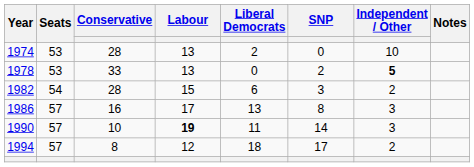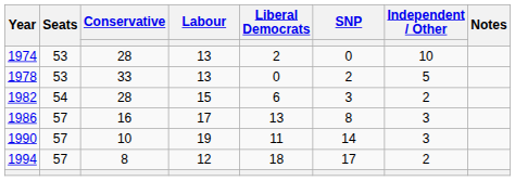 <table class="wikitable" style=text-align:center>
 <tr>
 <th rowspan=2><strong>Year</strong></th>
 <th rowspan=2><strong>Seats</strong></th>
 <th width="80"><strong><a href='#'>Conservative</a></strong></th>
 <th width="80"><strong><a href='#'>Labour</a></strong></th>
 <th width="80"><strong><a href='#'>Liberal Democrats</a></strong></th>
 <th width="80"><strong><a href='#'>SNP</a></strong></th>
 <th width="80"><a href='#'><strong>Independent / Other</strong></a></th>
 <th rowspan=2><strong>Notes</strong></th>
 </tr>
 <tr>
 <th style="background-color: "></th>
 <th style="background-color: "></th>
 <th style="background-color: "></th>
 <th style="background-color: "></th>
 <th style="background-color: "></th>
 </tr>
 <tr>
 <td><a href='#'>1974</a></td>
 <td>53</td>
 <td>28</td>
 <td>13</td>
 <td>2</td>
 <td>0</td>
 <td>10</td>
 <td align=left></td>
 </tr>
 <tr>
 <td><a href='#'>1978</a></td>
 <td>53</td>
 <td>33</td>
 <td>13</td>
 <td>0</td>
 <td>2</td>
-<td><strong>5</strong></td>
+<td>5</td>
 <td align=left></td>
 </tr>
 <tr>
 <td><a href='#'>1982</a></td>
 <td>54</td>
 <td>28</td>
 <td>15</td>
 <td>6</td>
 <td>3</td>
 <td>2</td>
 <td align=left></td>
 </tr>
 <tr>
 <td><a href='#'>1986</a></td>
 <td>57</td>
 <td>16</td>
 <td>17</td>
 <td>13</td>
 <td>8</td>
 <td>3</td>
 <td align=left></td>
 </tr>
 <tr>
 <td><a href='#'>1990</a></td>
 <td>57</td>
 <td>10</td>
-<td><strong>19</strong></td>
+<td>19</td>
 <td>11</td>
 <td>14</td>
 <td>3</td>
 <td align=left></td>
 </tr>
 <tr>
 <td><a href='#'>1994</a></td>
 <td>57</td>
 <td>8</td>
 <td>12</td>
 <td>18</td>
 <td>17</td>
 <td>2</td>
 <td align=left></td>
 </tr>
 <tr>
 <th></th>
 <th></th>
 <th style="background-color: "></th>
 <th style="background-color: "></th>
 <th style="background-color: "></th>
 <th style="background-color: "></th>
 <th style="background-color: "></th>
 <th></th>
 </tr>
 </table>
